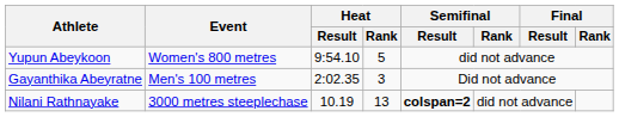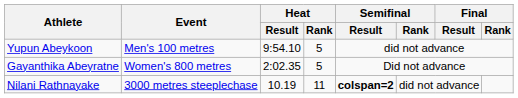 <table class="wikitable" style="font-size:90%">
 <tr>
 <th rowspan="2">Athlete</th>
 <th rowspan="2">Event</th>
 <th colspan="2">Heat</th>
 <th colspan="2">Semifinal</th>
 <th colspan="2">Final</th>
 </tr>
 <tr style="font-size:95%">
 <th>Result</th>
 <th>Rank</th>
 <th>Result</th>
 <th>Rank</th>
 <th>Result</th>
 <th>Rank</th>
 </tr>
 <tr align=center>
 <td align=left><a href='#'>Yupun Abeykoon</a></td>
-<td align=left><a href='#'>Women's 800 metres</a></td>
+<td align=left><a href='#'>Men's 100 metres</a></td>
 <td>9:54.10</td>
 <td>5</td>
 <td colspan=4>did not advance</td>
 </tr>
 <tr align=center>
 <td align=left><a href='#'>Gayanthika Abeyratne</a></td>
-<td align=left><a href='#'>Men's 100 metres</a></td>
+<td align=left><a href='#'>Women's 800 metres</a></td>
 <td>2:02.35</td>
-<td>3</td>
+<td>5</td>
 <td colspan="4">Did not advance</td>
 </tr>
 <tr align=center>
 <td align=left><a href='#'>Nilani Rathnayake</a></td>
 <td align=left><a href='#'>3000 metres steeplechase</a></td>
 <td>10.19</td>
-<td>13</td>
+<td>11</td>
 <td><strong>colspan=2 </strong></td>
 <td colspan=2>did not advance</td>
 </tr>
 </table>
